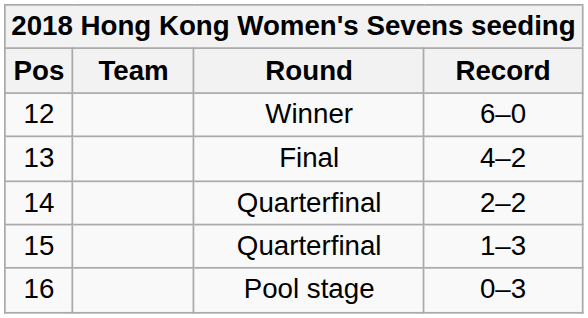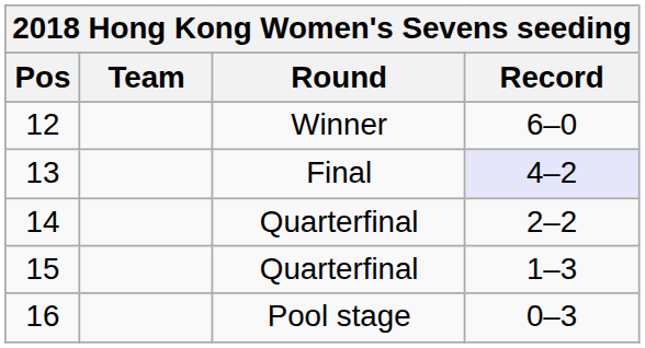 <table class="wikitable" style="text-align:center">
 <tr bgcolor="#efefef">
 <th colspan=4 style="border-right:0px;";>2018 Hong Kong Women's Sevens seeding</th>
 </tr>
 <tr bgcolor="#efefef">
 <th style="width:2em;">Pos</th>
 <th>Team</th>
 <th>Round</th>
 <th>Record</th>
 </tr>
 <tr>
 <td>12</td>
 <td align=left></td>
 <td>Winner</td>
 <td>6–0</td>
 </tr>
 <tr>
 <td>13</td>
 <td align=left></td>
 <td>Final</td>
-<td>4–2</td>
+<td style="background: lavender;">4–2</td>
 </tr>
 <tr>
 <td>14</td>
 <td align=left></td>
 <td>Quarterfinal</td>
 <td>2–2</td>
 </tr>
 <tr>
 <td>15</td>
 <td align=left></td>
 <td>Quarterfinal</td>
 <td>1–3</td>
 </tr>
 <tr>
 <td>16</td>
 <td align=left></td>
 <td>Pool stage</td>
 <td>0–3</td>
 </tr>
 </table>
